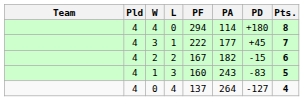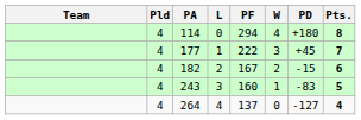 <table class=wikitable style="text-align:center">
 <tr>
 <th width=160>Team</th>
 <th width=20>Pld</th>
-<th width=20>W</th>
+<th width=35>PA</th>
 <th width=20>L</th>
 <th width=35>PF</th>
-<th width=35>PA</th>
+<th width=20>W</th>
 <th width=35>PD</th>
 <th width=30>Pts.</th>
 </tr>
 <tr align="center" bgcolor="#CCFFCC">
 <td align=left></td>
 <td>4</td>
-<td>4</td>
+<td>114</td>
 <td>0</td>
 <td>294</td>
-<td>114</td>
+<td>4</td>
 <td>+180</td>
 <td><strong>8</strong></td>
 </tr>
 <tr align="center" bgcolor="#CCFFCC">
 <td align=left></td>
 <td>4</td>
-<td>3</td>
+<td>177</td>
 <td>1</td>
 <td>222</td>
-<td>177</td>
+<td>3</td>
 <td>+45</td>
 <td><strong>7</strong></td>
 </tr>
 <tr align="center" bgcolor="#CCFFCC">
 <td align=left></td>
 <td>4</td>
-<td>2</td>
+<td>182</td>
 <td>2</td>
 <td>167</td>
-<td>182</td>
+<td>2</td>
 <td>-15</td>
 <td><strong>6</strong></td>
 </tr>
 <tr align="center" bgcolor="#CCFFCC">
 <td align=left></td>
 <td>4</td>
-<td>1</td>
+<td>243</td>
 <td>3</td>
 <td>160</td>
-<td>243</td>
+<td>1</td>
 <td>-83</td>
 <td><strong>5</strong></td>
 </tr>
 <tr align="center" bgcolor=>
 <td align=left></td>
 <td>4</td>
-<td>0</td>
+<td>264</td>
 <td>4</td>
 <td>137</td>
-<td>264</td>
+<td>0</td>
 <td>-127</td>
 <td><strong>4</strong></td>
 </tr>
 </table>
